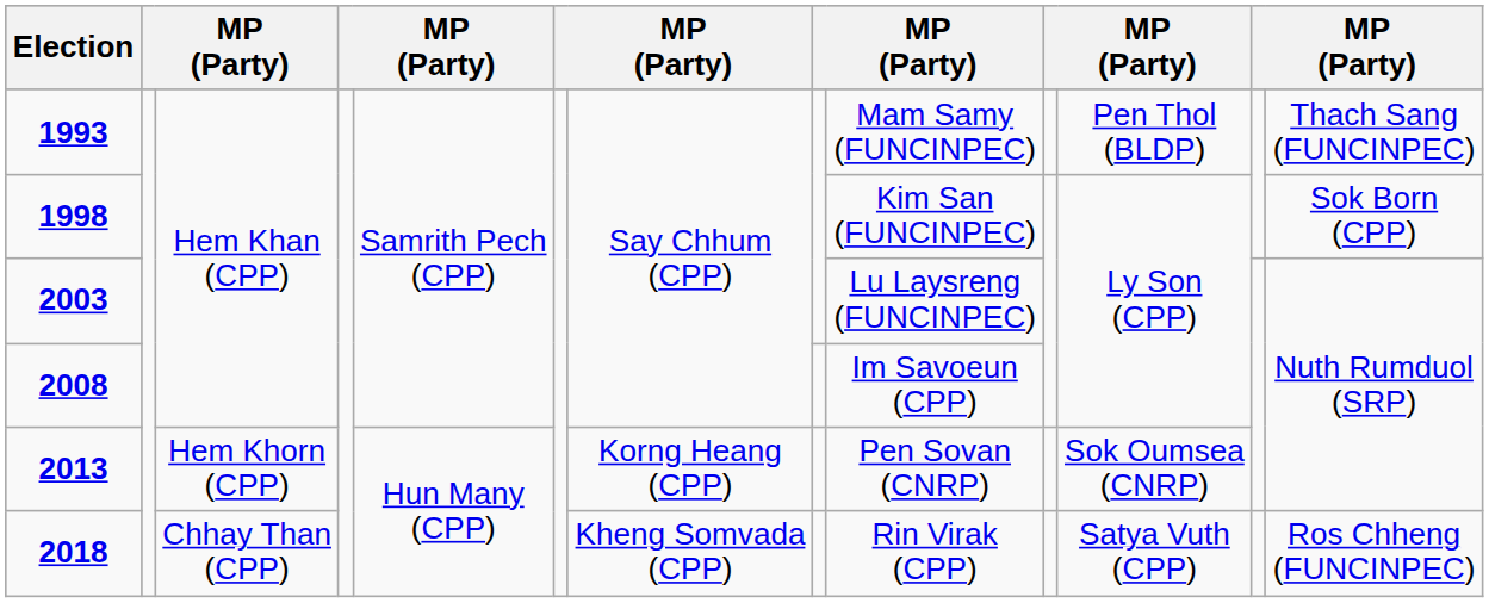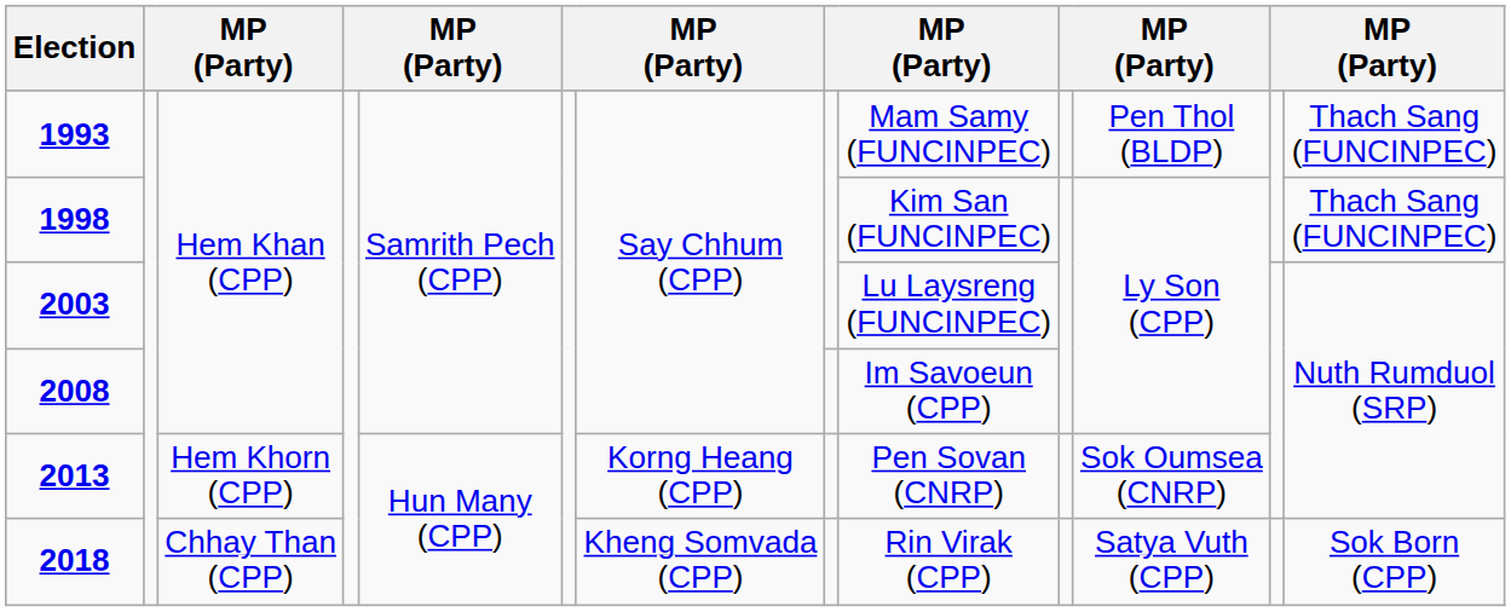 <table class="wikitable" style="text-align:center">
 <tr>
 <th>Election</th>
 <th colspan=2>MP<br>(Party)</th>
 <th colspan=2>MP<br>(Party)</th>
 <th colspan=2>MP<br>(Party)</th>
 <th colspan=2>MP<br>(Party)</th>
 <th colspan=2>MP<br>(Party)</th>
 <th colspan=2>MP<br>(Party)</th>
 </tr>
 <tr>
 <td><strong><a href='#'>1993</a></strong></td>
 <td rowspan=6; style="background-color: "></td>
 <td rowspan=4><a href='#'>Hem Khan</a><br>(<a href='#'>CPP</a>)</td>
 <td rowspan=6; style="background-color: "></td>
 <td rowspan=4><a href='#'>Samrith Pech</a><br>(<a href='#'>CPP</a>)</td>
 <td rowspan=6; style="background-color: "></td>
 <td rowspan=4><a href='#'>Say Chhum</a><br>(<a href='#'>CPP</a>)</td>
 <td rowspan=3; style="background-color: "></td>
 <td rowspan=1><a href='#'>Mam Samy</a><br>(<a href='#'>FUNCINPEC</a>)</td>
 <td rowspan=1; style="background-color: "></td>
 <td rowspan=1><a href='#'>Pen Thol</a><br>(<a href='#'>BLDP</a>)</td>
 <td rowspan=2; style="background-color: "></td>
 <td rowspan=1><a href='#'>Thach Sang</a><br>(<a href='#'>FUNCINPEC</a>)</td>
 </tr>
 <tr>
 <td><strong><a href='#'>1998</a></strong></td>
 <td rowspan=1><a href='#'>Kim San</a><br>(<a href='#'>FUNCINPEC</a>)</td>
 <td rowspan=3; style="background-color: "></td>
 <td rowspan=3><a href='#'>Ly Son</a><br>(<a href='#'>CPP</a>)</td>
-<td rowspan=1><a href='#'>Sok Born</a><br>(<a href='#'>CPP</a>)</td>
+<td rowspan=1><a href='#'>Thach Sang</a><br>(<a href='#'>FUNCINPEC</a>)</td>
 </tr>
 <tr>
 <td><strong><a href='#'>2003</a></strong></td>
 <td rowspan=1><a href='#'>Lu Laysreng</a><br>(<a href='#'>FUNCINPEC</a>)</td>
 <td rowspan=3; style="background-color: "></td>
 <td rowspan=3><a href='#'>Nuth Rumduol</a><br>(<a href='#'>SRP</a>)</td>
 </tr>
 <tr>
 <td><strong><a href='#'>2008</a></strong></td>
 <td rowspan=1; style="background-color: "></td>
 <td rowspan=1><a href='#'>Im Savoeun</a><br>(<a href='#'>CPP</a>)</td>
 </tr>
 <tr>
 <td><strong><a href='#'>2013</a></strong></td>
 <td rowspan=1><a href='#'>Hem Khorn</a><br>(<a href='#'>CPP</a>)</td>
 <td rowspan=2><a href='#'>Hun Many</a><br>(<a href='#'>CPP</a>)</td>
 <td rowspan=1><a href='#'>Korng Heang</a><br>(<a href='#'>CPP</a>)</td>
 <td rowspan=1; style="background-color: "></td>
 <td rowspan=1><a href='#'>Pen Sovan</a><br>(<a href='#'>CNRP</a>)</td>
 <td rowspan=1; style="background-color: "></td>
 <td rowspan=1><a href='#'>Sok Oumsea</a><br>(<a href='#'>CNRP</a>)</td>
 </tr>
 <tr>
 <td><strong><a href='#'>2018</a></strong></td>
 <td rowspan=1><a href='#'>Chhay Than</a><br>(<a href='#'>CPP</a>)</td>
 <td rowspan=1><a href='#'>Kheng Somvada</a><br>(<a href='#'>CPP</a>)</td>
 <td rowspan=1; style="background-color: "></td>
 <td rowspan=1><a href='#'>Rin Virak</a><br>(<a href='#'>CPP</a>)</td>
 <td rowspan=1; style="background-color: "></td>
 <td rowspan=1><a href='#'>Satya Vuth</a><br>(<a href='#'>CPP</a>)</td>
 <td rowspan=1; style="background-color: "></td>
-<td rowspan=1><a href='#'>Ros Chheng</a><br>(<a href='#'>FUNCINPEC</a>)</td>
+<td rowspan=1><a href='#'>Sok Born</a><br>(<a href='#'>CPP</a>)</td>
 </tr>
 </table>
